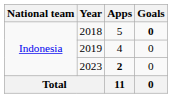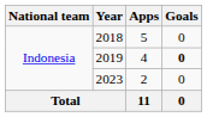 <table class=wikitable style=text-align:center>
 <tr>
 <th>National team</th>
 <th>Year</th>
 <th>Apps</th>
 <th>Goals</th>
 </tr>
 <tr>
 <td rowspan="3"><a href='#'>Indonesia</a></td>
 <td>2018</td>
 <td>5</td>
-<td><strong>0</strong></td>
+<td>0</td>
 </tr>
 <tr>
 <td>2019</td>
 <td>4</td>
-<td>0</td>
+<td><strong>0</strong></td>
 </tr>
 <tr>
 <td>2023</td>
-<td><strong>2</strong></td>
+<td>2</td>
 <td>0</td>
 </tr>
 <tr>
 <th colspan=2>Total</th>
 <th>11</th>
 <th>0</th>
 </tr>
 </table>
